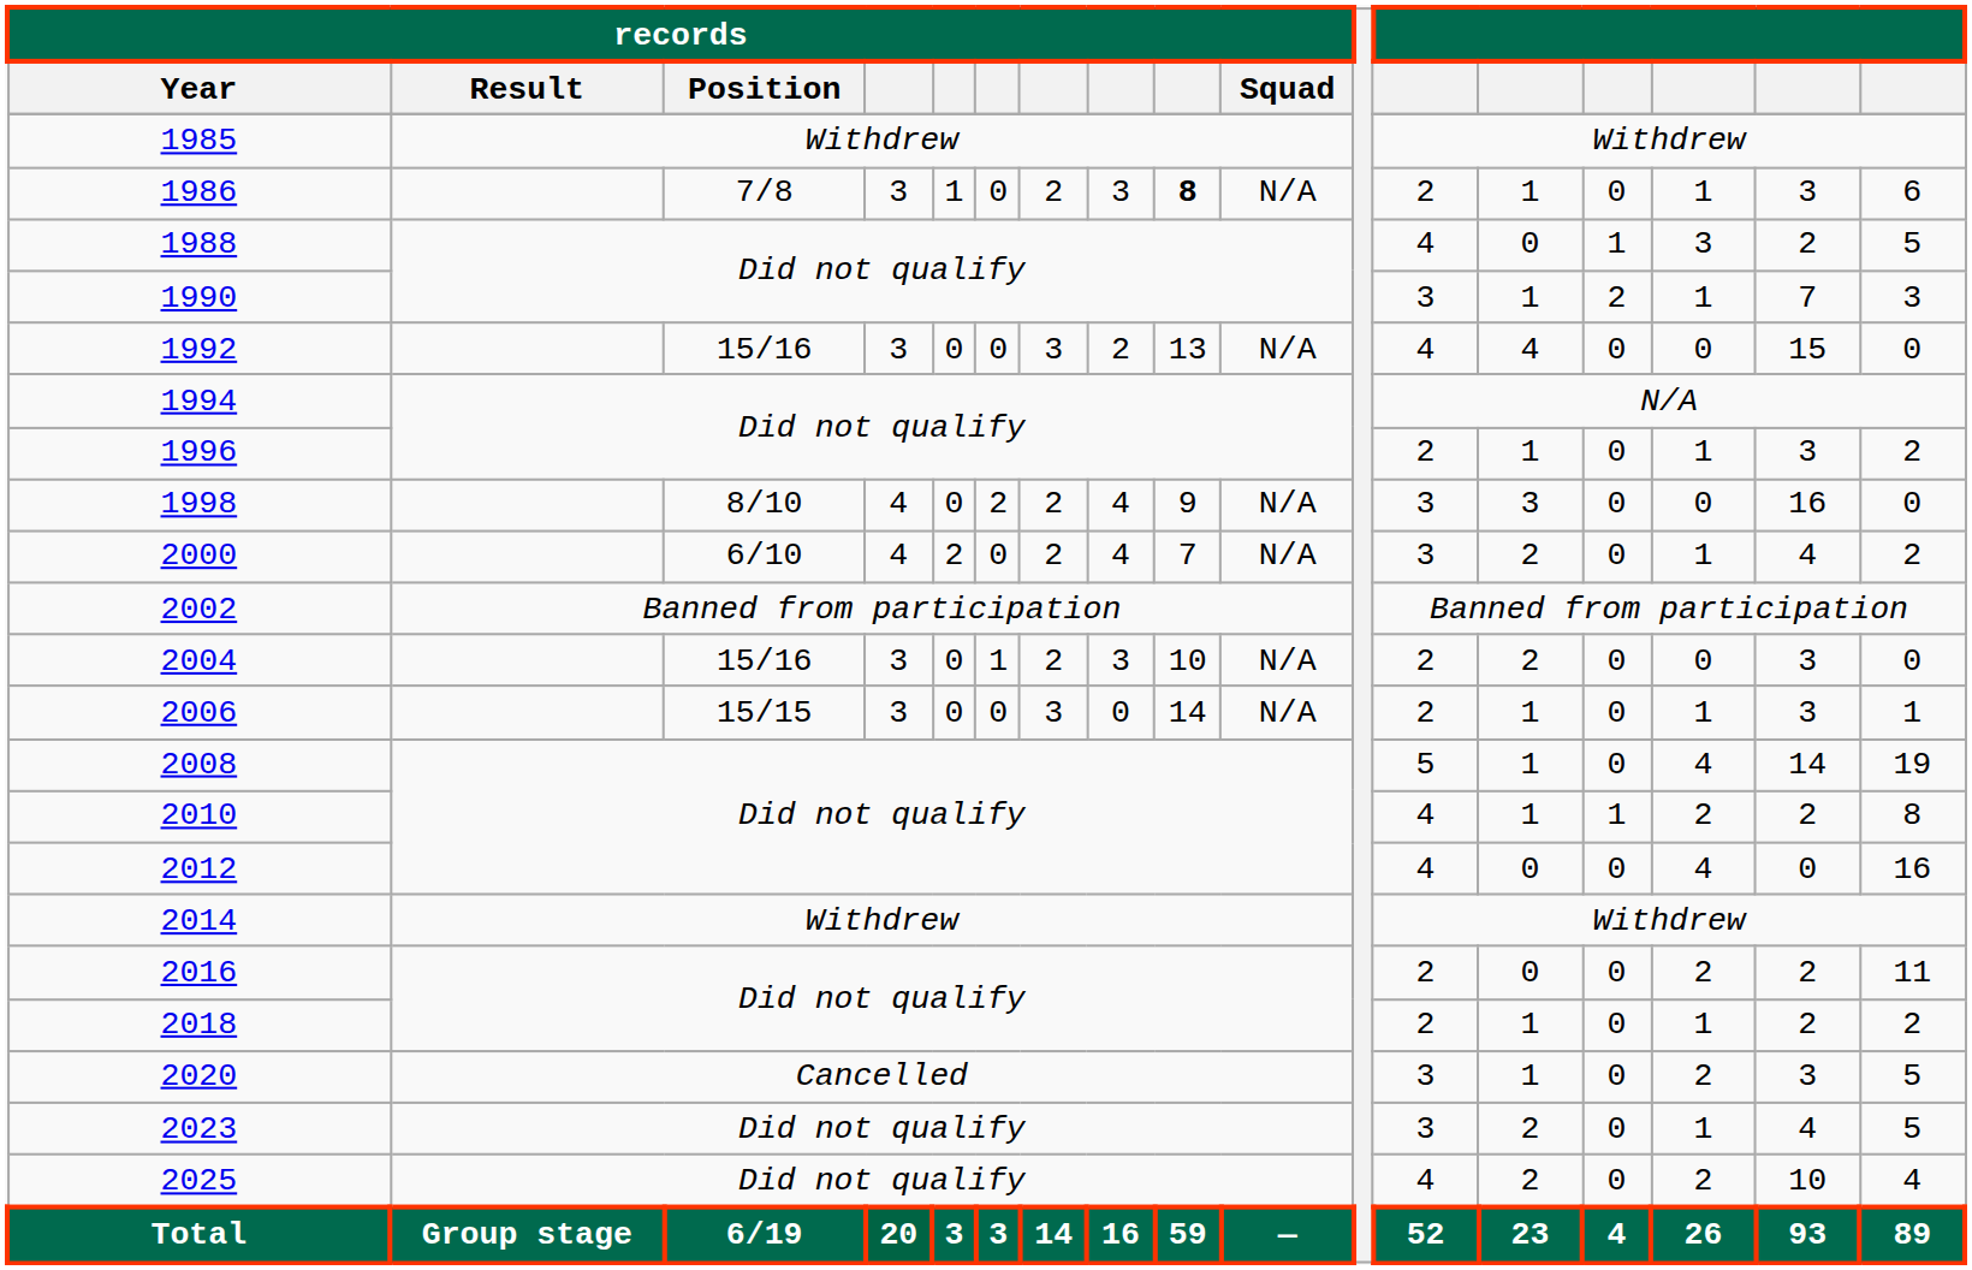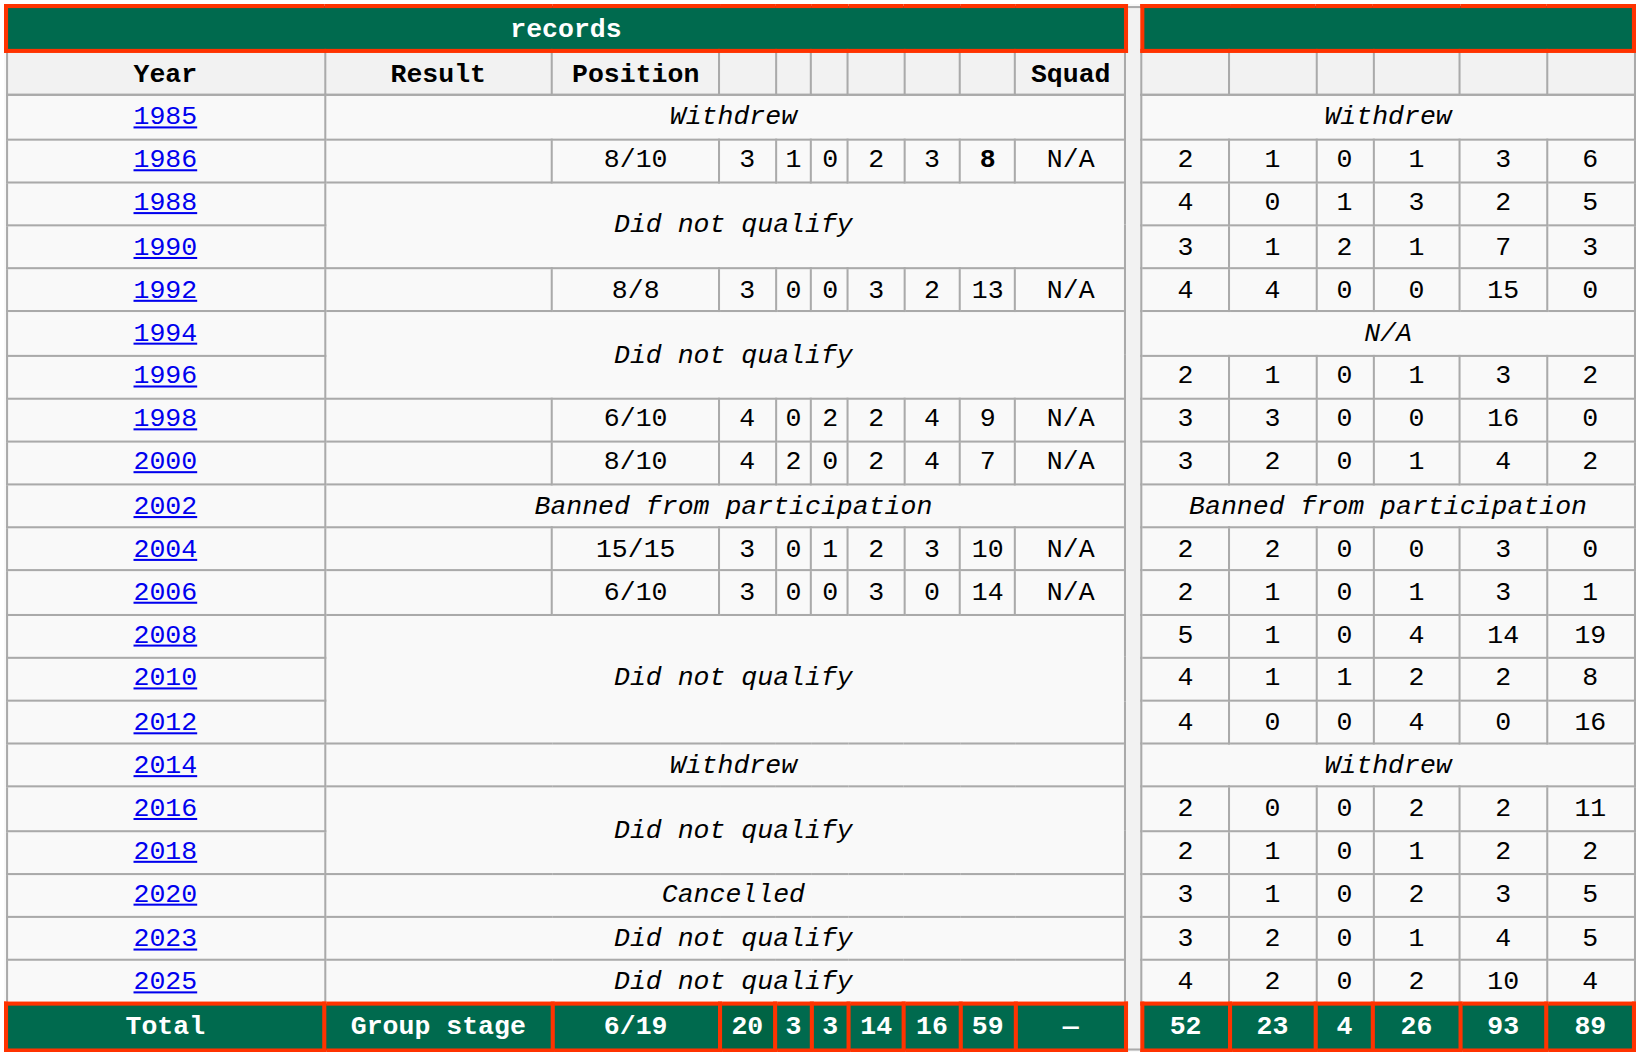 <table class="wikitable" style="text-align:center;font-size:100%;width: 800px">
 <tr>
 <th colspan=10 style="background: #006a4e;border: 2px solid #ff3300;color: #FFFFFF;"><a href='#'></a> records</th>
 <th style="width:1%;" rowspan="32"></th>
 <th colspan=6 style="background: #006a4e;border: 2px solid #ff3300;color: #FFFFFF;"><a href='#'></a></th>
 </tr>
 <tr>
 <th width=150>Year</th>
 <th>Result</th>
 <th>Position</th>
 <th></th>
 <th></th>
 <th></th>
 <th></th>
 <th></th>
 <th></th>
 <th>Squad</th>
 <th></th>
 <th></th>
 <th></th>
 <th></th>
 <th></th>
 <th></th>
 </tr>
 <tr>
 </tr>
 <tr>
 <td> <a href='#'>1985</a></td>
 <td colspan=10><em>Withdrew</em></td>
 <td colspan=6><em>Withdrew</em></td>
 </tr>
 <tr>
 <td> <a href='#'>1986</a></td>
 <td></td>
-<td>7/8</td>
+<td>8/10</td>
 <td>3</td>
 <td>1</td>
 <td>0</td>
 <td>2</td>
 <td>3</td>
 <td><strong>8</strong></td>
 <td>N/A</td>
 <td>2</td>
 <td>1</td>
 <td>0</td>
 <td>1</td>
 <td>3</td>
 <td>6</td>
 </tr>
 <tr>
 <td> <a href='#'>1988</a></td>
 <td rowspan=2 colspan=10><em>Did not qualify</em></td>
 <td>4</td>
 <td>0</td>
 <td>1</td>
 <td>3</td>
 <td>2</td>
 <td>5</td>
 </tr>
 <tr>
 <td> <a href='#'>1990</a></td>
 <td>3</td>
 <td>1</td>
 <td>2</td>
 <td>1</td>
 <td>7</td>
 <td>3</td>
 </tr>
 <tr>
 <td> <a href='#'>1992</a></td>
 <td></td>
-<td>15/16</td>
+<td>8/8</td>
 <td>3</td>
 <td>0</td>
 <td>0</td>
 <td>3</td>
 <td>2</td>
 <td>13</td>
 <td>N/A</td>
 <td>4</td>
 <td>4</td>
 <td>0</td>
 <td>0</td>
 <td>15</td>
 <td>0</td>
 </tr>
 <tr>
 <td> <a href='#'>1994</a></td>
 <td rowspan=2  colspan=10><em>Did not qualify</em></td>
 <td colspan=6><em>N/A</em></td>
 </tr>
 <tr>
 <td> <a href='#'>1996</a></td>
 <td>2</td>
 <td>1</td>
 <td>0</td>
 <td>1</td>
 <td>3</td>
 <td>2</td>
 </tr>
 <tr>
 <td> <a href='#'>1998</a></td>
 <td></td>
-<td>8/10</td>
+<td>6/10</td>
 <td>4</td>
 <td>0</td>
 <td>2</td>
 <td>2</td>
 <td>4</td>
 <td>9</td>
 <td>N/A</td>
 <td>3</td>
 <td>3</td>
 <td>0</td>
 <td>0</td>
 <td>16</td>
 <td>0</td>
 </tr>
 <tr>
 <td> <a href='#'>2000</a></td>
 <td></td>
-<td>6/10</td>
+<td>8/10</td>
 <td>4</td>
 <td>2</td>
 <td>0</td>
 <td>2</td>
 <td>4</td>
 <td>7</td>
 <td>N/A</td>
 <td>3</td>
 <td>2</td>
 <td>0</td>
 <td>1</td>
 <td>4</td>
 <td>2</td>
 </tr>
 <tr>
 <td> <a href='#'>2002</a></td>
 <td colspan=10><em>Banned from participation</em></td>
 <td colspan=6><em>Banned from participation</em></td>
 </tr>
 <tr>
 <td> <a href='#'>2004</a></td>
 <td></td>
-<td>15/16</td>
+<td>15/15</td>
 <td>3</td>
 <td>0</td>
 <td>1</td>
 <td>2</td>
 <td>3</td>
 <td>10</td>
 <td>N/A</td>
 <td>2</td>
 <td>2</td>
 <td>0</td>
 <td>0</td>
 <td>3</td>
 <td>0</td>
 </tr>
 <tr>
 <td> <a href='#'>2006</a></td>
 <td></td>
-<td>15/15</td>
+<td>6/10</td>
 <td>3</td>
 <td>0</td>
 <td>0</td>
 <td>3</td>
 <td>0</td>
 <td>14</td>
 <td>N/A</td>
 <td>2</td>
 <td>1</td>
 <td>0</td>
 <td>1</td>
 <td>3</td>
 <td>1</td>
 </tr>
 <tr>
 <td> <a href='#'>2008</a></td>
 <td rowspan=3 colspan=10><em>Did not qualify</em></td>
 <td>5</td>
 <td>1</td>
 <td>0</td>
 <td>4</td>
 <td>14</td>
 <td>19</td>
 </tr>
 <tr>
 <td> <a href='#'>2010</a></td>
 <td>4</td>
 <td>1</td>
 <td>1</td>
 <td>2</td>
 <td>2</td>
 <td>8</td>
 </tr>
 <tr>
 <td> <a href='#'>2012</a></td>
 <td>4</td>
 <td>0</td>
 <td>0</td>
 <td>4</td>
 <td>0</td>
 <td>16</td>
 </tr>
 <tr>
 <td> <a href='#'>2014</a></td>
 <td colspan=10><em>Withdrew</em></td>
 <td colspan=6><em>Withdrew</em></td>
 </tr>
 <tr>
 <td> <a href='#'>2016</a></td>
 <td rowspan=2 colspan=10><em>Did not qualify</em></td>
 <td>2</td>
 <td>0</td>
 <td>0</td>
 <td>2</td>
 <td>2</td>
 <td>11</td>
 </tr>
 <tr>
 <td> <a href='#'>2018</a></td>
 <td>2</td>
 <td>1</td>
 <td>0</td>
 <td>1</td>
 <td>2</td>
 <td>2</td>
 </tr>
 <tr>
 <td> <a href='#'>2020</a></td>
 <td colspan=10><em>Cancelled</em></td>
 <td>3</td>
 <td>1</td>
 <td>0</td>
 <td>2</td>
 <td>3</td>
 <td>5</td>
 </tr>
 <tr>
 <td> <a href='#'>2023</a></td>
 <td colspan=10><em>Did not qualify</em></td>
 <td>3</td>
 <td>2</td>
 <td>0</td>
 <td>1</td>
 <td>4</td>
 <td>5</td>
 </tr>
 <tr>
 <td> <a href='#'>2025</a></td>
 <td colspan=10><em>Did not qualify</em></td>
 <td>4</td>
 <td>2</td>
 <td>0</td>
 <td>2</td>
 <td>10</td>
 <td>4</td>
 </tr>
 <tr>
 <td style="background: #006a4e;border: 2px solid #ff3300;color:white; "><strong>Total</strong></td>
 <td style="background: #006a4e;border: 2px solid #ff3300;color:white; "><strong>Group stage</strong></td>
 <td style="background: #006a4e;border: 2px solid #ff3300;color:white; "><strong>6/19</strong></td>
 <td style="background: #006444;border: 2px solid #ff3300;color:white; "><strong>20</strong></td>
 <td style="background: #006a4e;border: 2px solid #ff3300;color:white; "><strong>3</strong></td>
 <td style="background: #006a4e;border: 2px solid #ff3300;color:white; "><strong>3</strong></td>
 <td style="background: #006a4e;border: 2px solid #ff3300;color:white; "><strong>14</strong></td>
 <td style="background: #006a4e;border: 2px solid #ff3300;color:white; "><strong>16</strong></td>
 <td style="background: #006a4e;border: 2px solid #ff3300;color:white; "><strong>59</strong></td>
 <td style="background: #006a4e;border: 2px solid #ff3300;color:white; "><strong>—</strong></td>
 <td style="background: #006a4e;border: 2px solid #ff3300;color:white; "><strong>52</strong></td>
 <td style="background: #006a4e;border: 2px solid #ff3300;color:white; "><strong>23</strong></td>
 <td style="background: #006a4e;border: 2px solid #ff3300;color:white; "><strong>4</strong></td>
 <td style="background: #006a4e;border: 2px solid #ff3300;color:white; "><strong>26</strong></td>
 <td style="background: #006a4e;border: 2px solid #ff3300;color:white; "><strong>93</strong></td>
 <td style="background: #006a4e;border: 2px solid #ff3300;color:white; "><strong>89</strong></td>
 </tr>
 </table>
